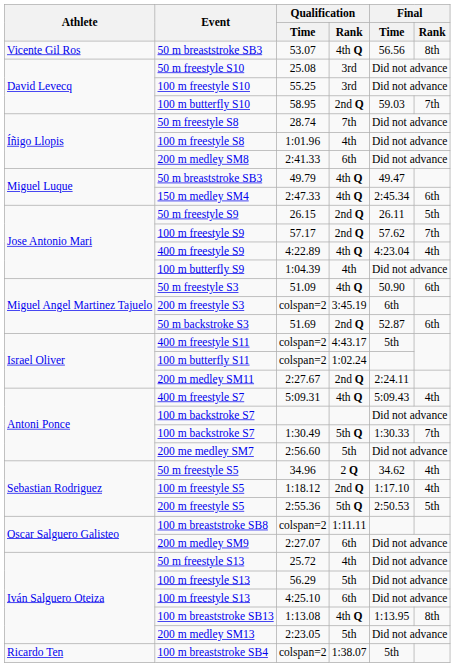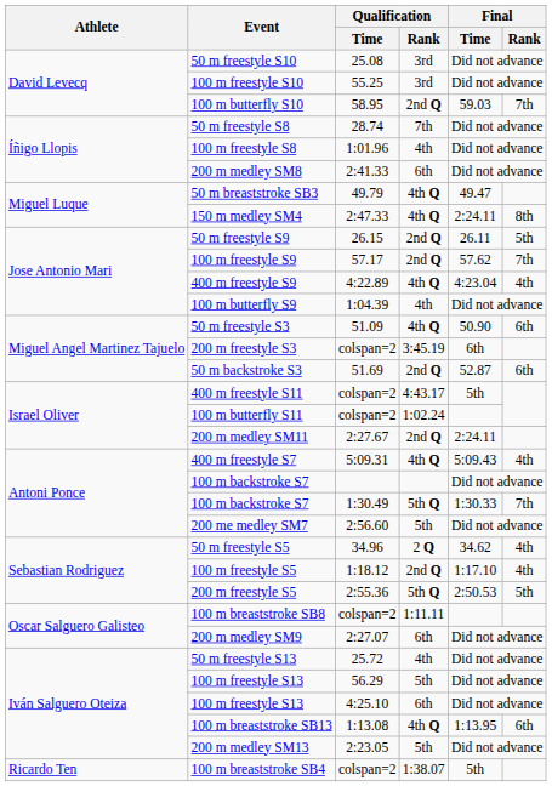 <table class=wikitable>
 <tr>
 <th rowspan="2">Athlete</th>
 <th rowspan="2">Event</th>
 <th colspan="2">Qualification</th>
 <th colspan="2">Final</th>
 </tr>
 <tr>
 <th>Time</th>
 <th>Rank</th>
 <th>Time</th>
 <th>Rank</th>
-</tr>
-<tr align=center>
-<td align=left><a href='#'>Vicente Gil Ros</a></td>
-<td align=left><a href='#'>50 m breaststroke SB3</a></td>
-<td>53.07</td>
-<td>4th <strong>Q</strong></td>
-<td>56.56</td>
-<td>8th</td>
 </tr>
 <tr align=center>
 <td align=left rowspan=3><a href='#'>David Levecq</a></td>
 <td align=left><a href='#'>50 m freestyle S10</a></td>
 <td>25.08</td>
 <td>3rd</td>
 <td colspan=2>Did not advance</td>
 </tr>
 <tr align=center>
 <td align=left><a href='#'>100 m freestyle S10</a></td>
 <td>55.25</td>
 <td>3rd</td>
 <td colspan=2>Did not advance</td>
 </tr>
 <tr align=center>
 <td align=left><a href='#'>100 m butterfly S10</a></td>
 <td>58.95</td>
 <td>2nd <strong>Q</strong></td>
 <td>59.03</td>
 <td>7th</td>
 </tr>
 <tr align=center>
 <td align=left rowspan=3><a href='#'>Íñigo Llopis</a></td>
 <td align=left><a href='#'>50 m freestyle S8</a></td>
 <td>28.74</td>
 <td>7th</td>
 <td colspan=2>Did not advance</td>
 </tr>
 <tr align=center>
 <td align=left><a href='#'>100 m freestyle S8</a></td>
 <td>1:01.96</td>
 <td>4th</td>
 <td colspan=2>Did not advance</td>
 </tr>
 <tr align=center>
 <td align=left><a href='#'>200 m medley SM8</a></td>
 <td>2:41.33</td>
 <td>6th</td>
 <td colspan=2>Did not advance</td>
 </tr>
 <tr align=center>
 <td align=left rowspan=2><a href='#'>Miguel Luque</a></td>
 <td align=left><a href='#'>50 m breaststroke SB3</a></td>
 <td>49.79</td>
 <td>4th <strong>Q</strong></td>
 <td>49.47</td>
 <td></td>
 </tr>
 <tr align=center>
 <td align=left><a href='#'>150 m medley SM4</a></td>
 <td>2:47.33</td>
 <td>4th <strong>Q</strong></td>
-<td>2:45.34</td>
-<td>6th</td>
+<td>2:24.11</td>
+<td>8th</td>
 </tr>
 <tr align=center>
 <td align=left rowspan=4><a href='#'>Jose Antonio Mari</a></td>
 <td align=left><a href='#'>50 m freestyle S9</a></td>
 <td>26.15</td>
 <td>2nd <strong>Q</strong></td>
 <td>26.11</td>
 <td>5th</td>
 </tr>
 <tr align=center>
 <td align=left><a href='#'>100 m freestyle S9</a></td>
 <td>57.17</td>
 <td>2nd <strong>Q</strong></td>
 <td>57.62</td>
 <td>7th</td>
 </tr>
 <tr align=center>
 <td align=left><a href='#'>400 m freestyle S9</a></td>
 <td>4:22.89</td>
 <td>4th <strong>Q</strong></td>
 <td>4:23.04</td>
 <td>4th</td>
 </tr>
 <tr align=center>
 <td align=left><a href='#'>100 m butterfly S9</a></td>
 <td>1:04.39</td>
 <td>4th</td>
 <td colspan=2>Did not advance</td>
 </tr>
 <tr align=center>
 <td align=left rowspan=3><a href='#'>Miguel Angel Martinez Tajuelo</a></td>
 <td align=left><a href='#'>50 m freestyle S3</a></td>
 <td>51.09</td>
 <td>4th <strong>Q</strong></td>
 <td>50.90</td>
 <td>6th</td>
 </tr>
 <tr align=center>
 <td align=left><a href='#'>200 m freestyle S3</a></td>
 <td>colspan=2 </td>
 <td>3:45.19</td>
 <td>6th</td>
 </tr>
 <tr align=center>
 <td align=left><a href='#'>50 m backstroke S3</a></td>
 <td>51.69</td>
 <td>2nd <strong>Q</strong></td>
 <td>52.87</td>
 <td>6th</td>
 </tr>
 <tr align=center>
 <td align=left rowspan=3><a href='#'>Israel Oliver</a></td>
 <td align=left><a href='#'>400 m freestyle S11</a></td>
 <td>colspan=2 </td>
 <td>4:43.17</td>
 <td>5th</td>
 </tr>
 <tr align=center>
 <td align=left><a href='#'>100 m butterfly S11</a></td>
 <td>colspan=2 </td>
 <td>1:02.24</td>
 <td></td>
 </tr>
 <tr align=center>
 <td align=left><a href='#'>200 m medley SM11</a></td>
 <td>2:27.67</td>
 <td>2nd <strong>Q</strong></td>
 <td>2:24.11</td>
 <td></td>
 </tr>
 <tr align=center>
 <td align=left rowspan=4><a href='#'>Antoni Ponce</a></td>
 <td align=left><a href='#'>400 m freestyle S7</a></td>
 <td>5:09.31</td>
 <td>4th <strong>Q</strong></td>
 <td>5:09.43</td>
 <td>4th</td>
 </tr>
 <tr align=center>
 <td align=left><a href='#'>100 m backstroke S7</a></td>
 <td></td>
 <td></td>
 <td colspan=2>Did not advance</td>
 </tr>
 <tr align=center>
 <td align=left><a href='#'>100 m backstroke S7</a></td>
 <td>1:30.49</td>
 <td>5th <strong>Q</strong></td>
 <td>1:30.33</td>
 <td>7th</td>
 </tr>
 <tr align=center>
 <td align=left><a href='#'>200 me medley SM7</a></td>
 <td>2:56.60</td>
 <td>5th</td>
 <td colspan=2>Did not advance</td>
 </tr>
 <tr align=center>
 <td align=left rowspan=3><a href='#'>Sebastian Rodriguez</a></td>
 <td align=left><a href='#'>50 m freestyle S5</a></td>
 <td>34.96</td>
 <td>2 <strong>Q</strong></td>
 <td>34.62</td>
 <td>4th</td>
 </tr>
 <tr align=center>
 <td align=left><a href='#'>100 m freestyle S5</a></td>
 <td>1:18.12</td>
 <td>2nd <strong>Q</strong></td>
 <td>1:17.10</td>
 <td>4th</td>
 </tr>
 <tr align=center>
 <td align=left><a href='#'>200 m freestyle S5</a></td>
 <td>2:55.36</td>
 <td>5th <strong>Q</strong></td>
 <td>2:50.53</td>
 <td>5th</td>
 </tr>
 <tr align=center>
 <td align=left rowspan=2><a href='#'>Oscar Salguero Galisteo</a></td>
 <td align=left><a href='#'>100 m breaststroke SB8</a></td>
 <td>colspan=2 </td>
 <td>1:11.11</td>
 <td></td>
 </tr>
 <tr align=center>
 <td align=left><a href='#'>200 m medley SM9</a></td>
 <td>2:27.07</td>
 <td>6th</td>
 <td colspan=2>Did not advance</td>
 </tr>
 <tr align=center>
 <td align=left rowspan=5><a href='#'>Iván Salguero Oteiza</a></td>
 <td align=left><a href='#'>50 m freestyle S13</a></td>
 <td>25.72</td>
 <td>4th</td>
 <td colspan=2>Did not advance</td>
 </tr>
 <tr align=center>
 <td align=left><a href='#'>100 m freestyle S13</a></td>
 <td>56.29</td>
 <td>5th</td>
 <td colspan=2>Did not advance</td>
 </tr>
 <tr align=center>
 <td align=left><a href='#'>100 m freestyle S13</a></td>
 <td>4:25.10</td>
 <td>6th</td>
 <td colspan=2>Did not advance</td>
 </tr>
 <tr align=center>
 <td align=left><a href='#'>100 m breaststroke SB13</a></td>
 <td>1:13.08</td>
 <td>4th <strong>Q</strong></td>
 <td>1:13.95</td>
-<td>8th</td>
+<td>6th</td>
 </tr>
 <tr align=center>
 <td align=left><a href='#'>200 m medley SM13</a></td>
 <td>2:23.05</td>
 <td>5th</td>
 <td colspan=2>Did not advance</td>
 </tr>
 <tr align=center>
 <td align=left><a href='#'>Ricardo Ten</a></td>
 <td align=left><a href='#'>100 m breaststroke SB4</a></td>
 <td>colspan=2 </td>
 <td>1:38.07</td>
 <td>5th</td>
 </tr>
 </table>
